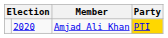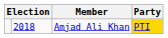 <table class="wikitable">
 <tr>
 <th colspan="2">Election</th>
 <th>Member</th>
 <th>Party</th>
 </tr>
 <tr>
 <td style="background-color: "></td>
-<td><a href='#'>2020</a></td>
+<td><a href='#'>2018</a></td>
 <td><a href='#'>Amjad Ali Khan</a></td>
 <td style="background: gold;"><a href='#'>PTI</a></td>
 </tr>
 </table>
